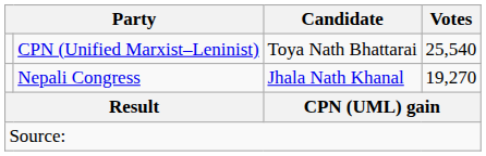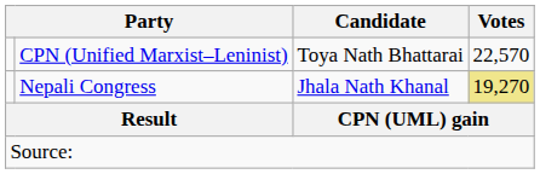 <table class="wikitable">
 <tr>
 <th colspan="2">Party</th>
 <th>Candidate</th>
 <th>Votes</th>
 </tr>
 <tr>
 <td style="background-color:"></td>
 <td><a href='#'>CPN (Unified Marxist–Leninist)</a></td>
 <td>Toya Nath Bhattarai</td>
-<td>25,540</td>
+<td>22,570</td>
 </tr>
 <tr>
 <td style="background-color:"></td>
 <td><a href='#'>Nepali Congress</a></td>
 <td><a href='#'>Jhala Nath Khanal</a></td>
-<td>19,270</td>
+<td style="background: khaki;">19,270</td>
 </tr>
 <tr>
 <th colspan="2">Result</th>
 <th colspan="2">CPN (UML) gain</th>
 </tr>
 <tr>
 <td colspan="4">Source: </td>
 </tr>
 </table>
